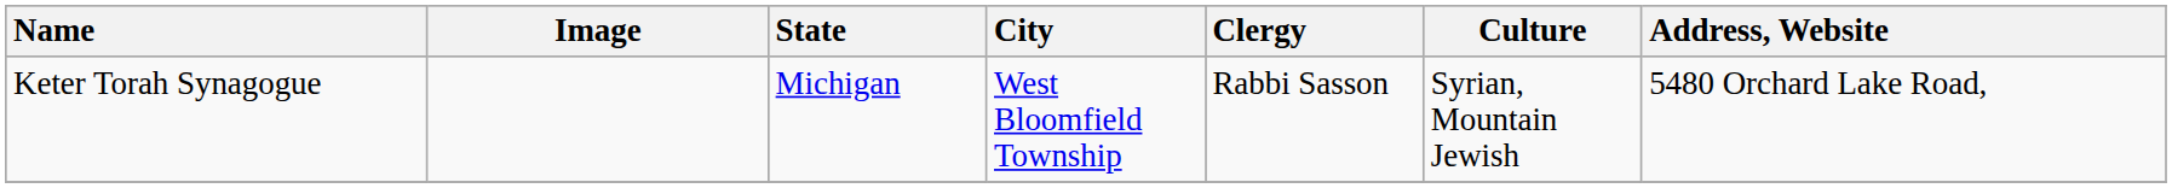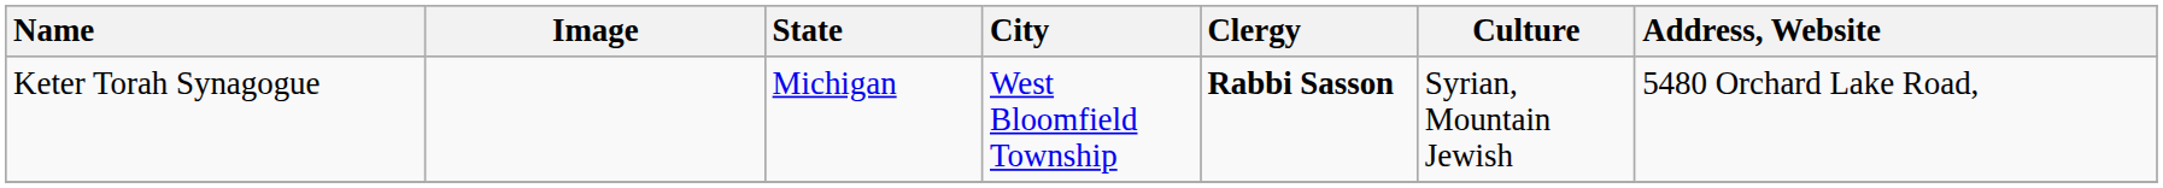 <table class="wikitable sortable">
 <tr>
 <th style="text-align:left; width:200px;">Name</th>
 <th style="text-align:center; width:160px;" class="unsortable">Image</th>
 <th style="text-align:left; width:100px;">State</th>
 <th style="text-align:left; width:100px;">City</th>
 <th style="text-align:left; width:100px;">Clergy</th>
 <th style="text-align:center; width:100px;">Culture</th>
 <th style="text-align:left; width:250px;" class="unsortable">Address, Website</th>
 </tr>
 <tr valign=top>
 <td>Keter Torah Synagogue</td>
 <td></td>
 <td><a href='#'>Michigan</a></td>
 <td><a href='#'>West Bloomfield Township</a></td>
-<td>Rabbi Sasson</td>
+<td><strong>Rabbi Sasson</strong></td>
 <td>Syrian, Mountain Jewish</td>
 <td>5480 Orchard Lake Road, </td>
 </tr>
 <tr valign=top>
 </tr>
 </table>
